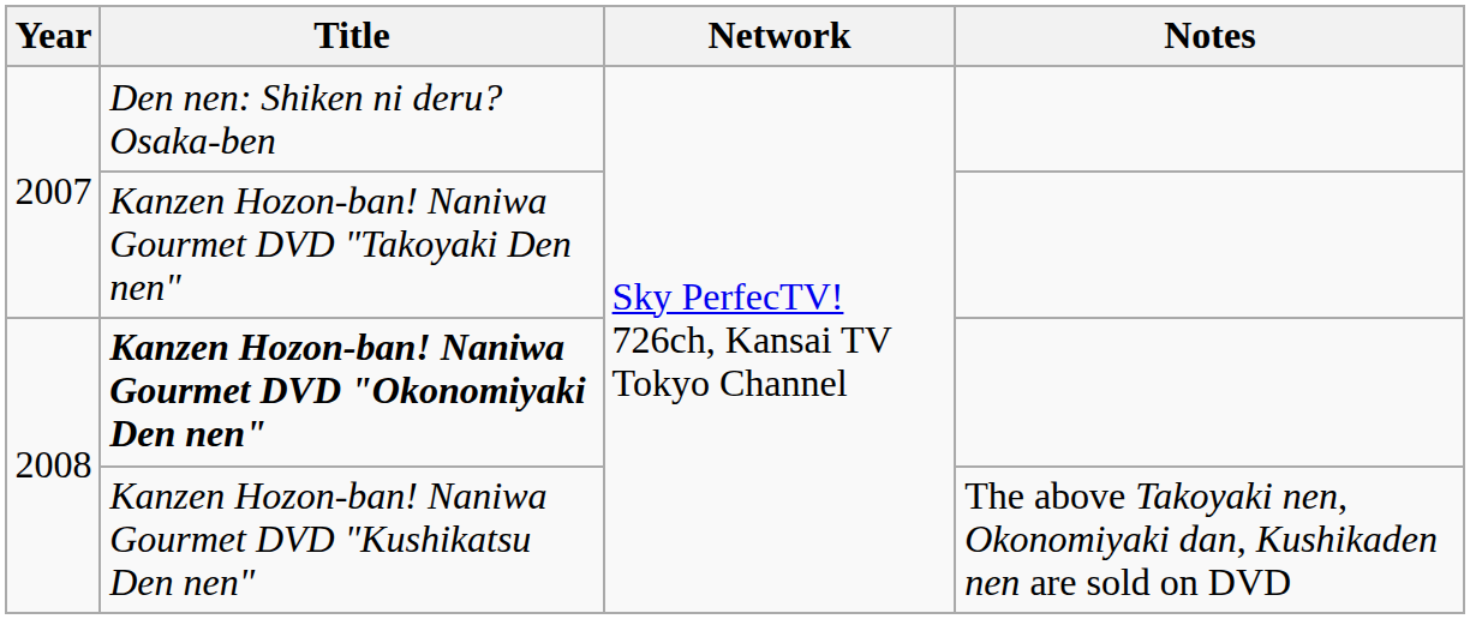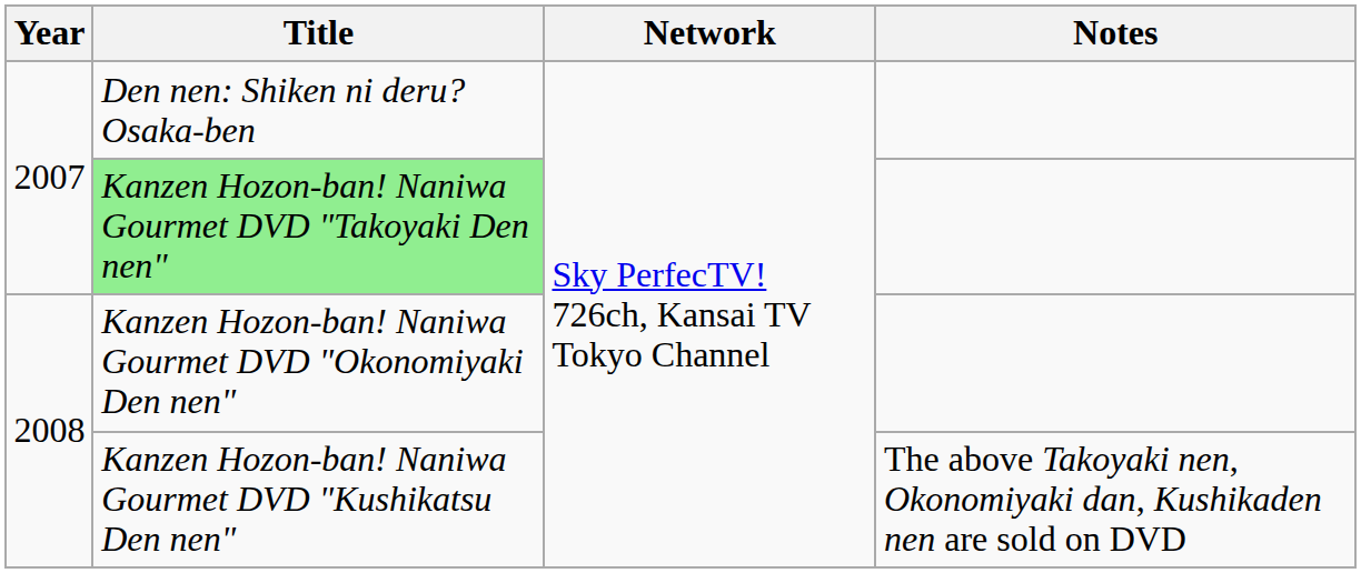 <table class="wikitable">
 <tr>
 <th>Year</th>
 <th>Title</th>
 <th>Network</th>
 <th>Notes</th>
 </tr>
 <tr>
 <td rowspan="2">2007</td>
 <td><em>Den nen: Shiken ni deru? Osaka-ben</em></td>
 <td rowspan="4"><a href='#'>Sky PerfecTV!</a> 726ch, Kansai TV Tokyo Channel</td>
 <td></td>
 </tr>
 <tr>
-<td><em>Kanzen Hozon-ban! Naniwa Gourmet DVD "Takoyaki Den nen"</em></td>
+<td style="background: lightgreen;"><em>Kanzen Hozon-ban! Naniwa Gourmet DVD "Takoyaki Den nen"</em></td>
 <td></td>
 </tr>
 <tr>
 <td rowspan="2">2008</td>
-<td><strong><em>Kanzen Hozon-ban! Naniwa Gourmet DVD "Okonomiyaki Den nen"</em></strong></td>
+<td><em>Kanzen Hozon-ban! Naniwa Gourmet DVD "Okonomiyaki Den nen"</em></td>
 <td></td>
 </tr>
 <tr>
 <td><em>Kanzen Hozon-ban! Naniwa Gourmet DVD "Kushikatsu Den nen"</em></td>
 <td>The above <em>Takoyaki nen</em>, <em>Okonomiyaki dan</em>, <em>Kushikaden nen</em> are sold on DVD</td>
 </tr>
 </table>
